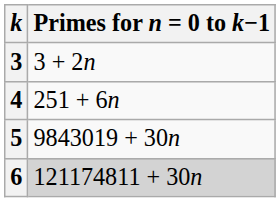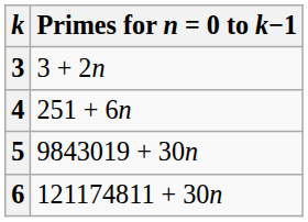 <table class="wikitable">
 <tr>
 <th><em>k</em></th>
 <th>Primes for <em>n</em> = 0 to <em>k</em>−1</th>
 </tr>
 <tr>
 <th>3</th>
 <td>3 + 2<em>n</em></td>
 </tr>
 <tr>
 <th>4</th>
 <td>251 + 6<em>n</em></td>
 </tr>
 <tr>
 <th>5</th>
 <td>9843019 + 30<em>n</em></td>
 </tr>
 <tr>
 <th>6</th>
-<td style="background: lightgrey;">121174811 + 30<em>n</em></td>
+<td>121174811 + 30<em>n</em></td>
 </tr>
 </table>
